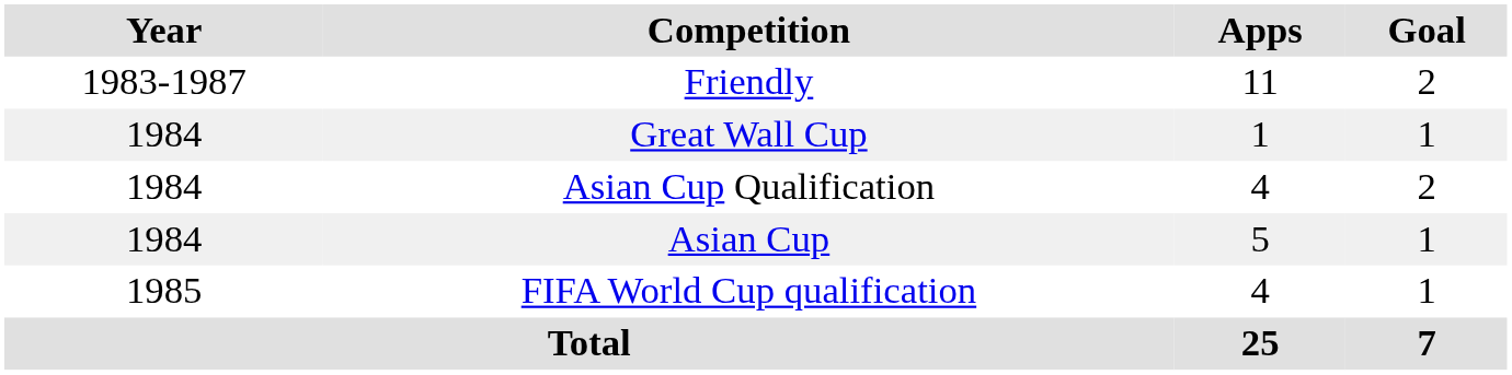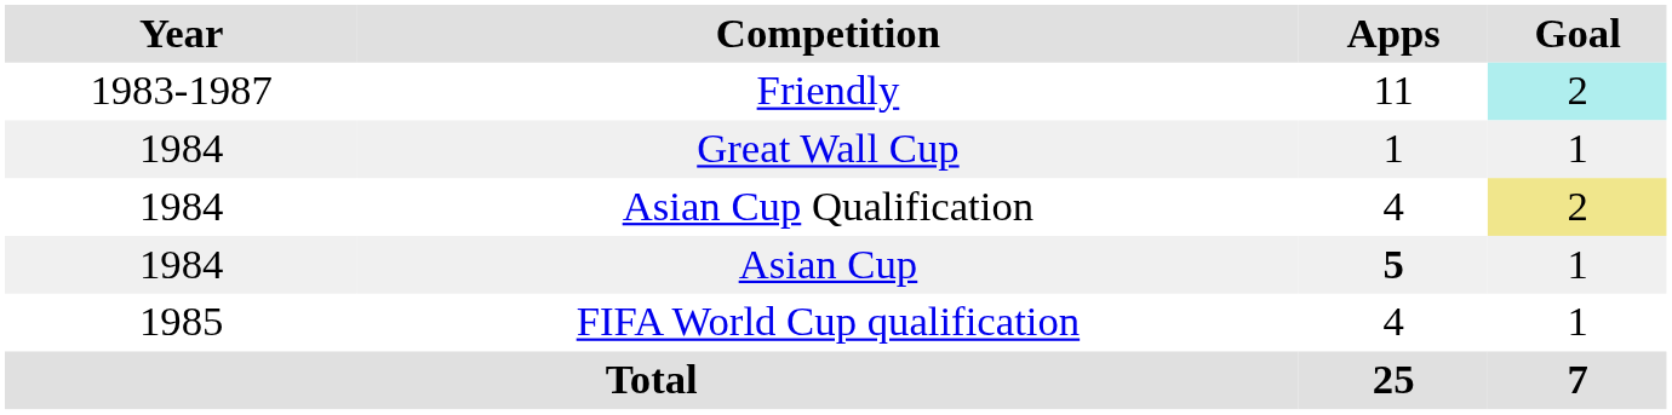 <table border="0" cellpadding="2" cellspacing="0" style="width:50%;">
 <tr style="text-align:center; background:#e0e0e0;">
 <th>Year</th>
 <th>Competition</th>
 <th>Apps</th>
 <th>Goal</th>
 </tr>
 <tr style="text-align:center;">
 <td>1983-1987</td>
 <td><a href='#'>Friendly</a></td>
 <td>11</td>
-<td>2</td>
+<td style="background: paleturquoise;">2</td>
 </tr>
 <tr style="text-align:center; background:#f0f0f0;">
 <td>1984</td>
 <td><a href='#'>Great Wall Cup</a></td>
 <td>1</td>
 <td>1</td>
 </tr>
 <tr style="text-align:center;">
 <td>1984</td>
 <td><a href='#'>Asian Cup</a> Qualification</td>
 <td>4</td>
-<td>2</td>
+<td style="background: khaki;">2</td>
 </tr>
 <tr style="text-align:center; background:#f0f0f0;">
 <td>1984</td>
 <td><a href='#'>Asian Cup</a></td>
-<td>5</td>
+<td><strong>5</strong></td>
 <td>1</td>
 </tr>
 <tr style="text-align:center;">
 <td>1985</td>
 <td><a href='#'>FIFA World Cup qualification</a></td>
 <td>4</td>
 <td>1</td>
 </tr>
 <tr style="text-align:center; background:#e0e0e0;">
 <th colspan="2">Total</th>
 <th style="text-align:center;">25</th>
 <th style="text-align:center;">7</th>
 </tr>
 </table>
